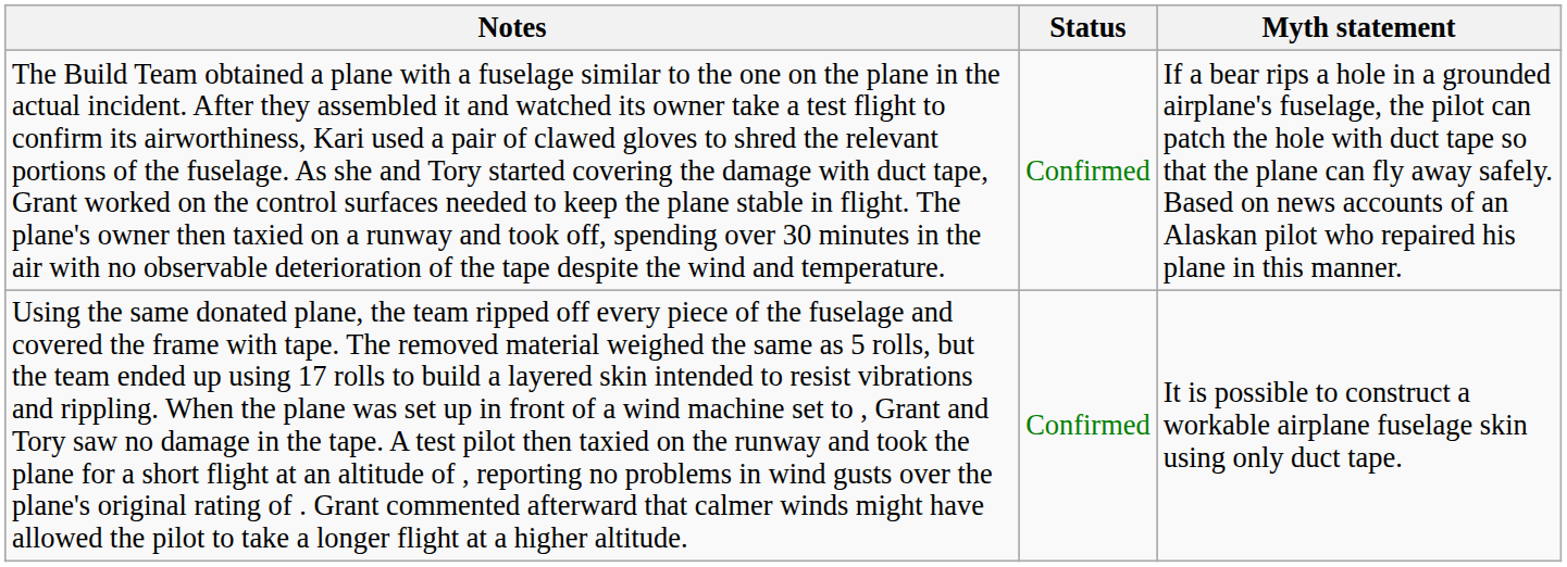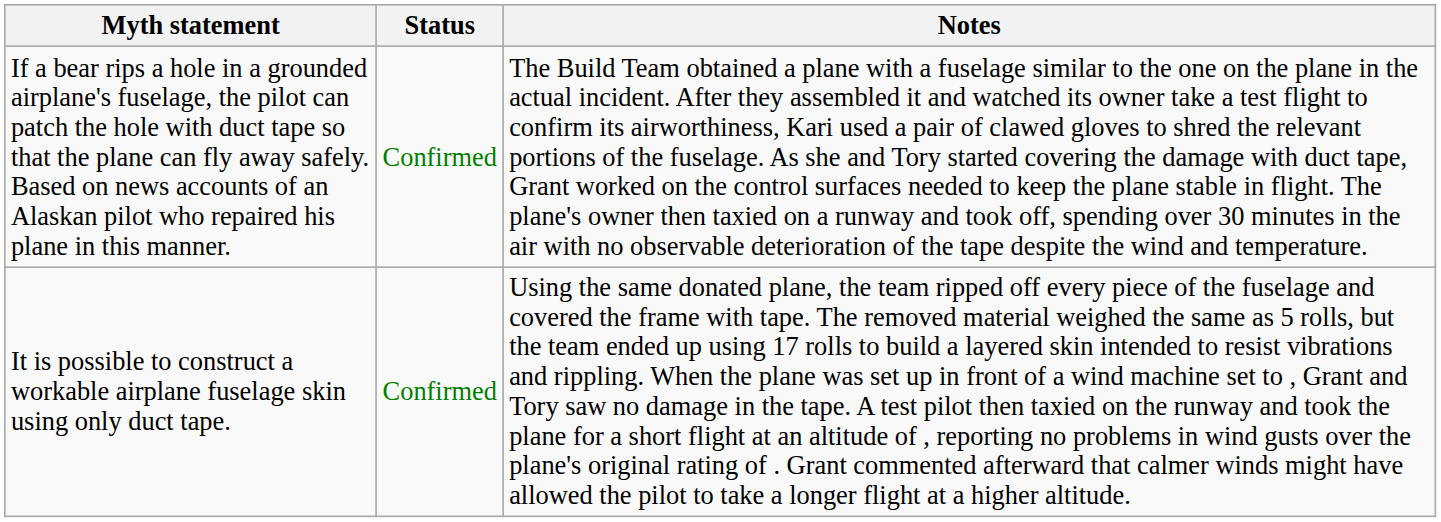 <table class="wikitable plainrowheaders">
 <tr>
+<th>Myth statement</th>
+<th>Status</th>
 <th>Notes</th>
-<th>Status</th>
-<th>Myth statement</th>
 </tr>
 <tr>
+<td>If a bear rips a hole in a grounded airplane's fuselage, the pilot can patch the hole with duct tape so that the plane can fly away safely. Based on news accounts of an Alaskan pilot who repaired his plane in this manner.</td>
+<td style="color:green">Confirmed</td>
 <td>The Build Team obtained a plane with a fuselage similar to the one on the plane in the actual incident. After they assembled it and watched its owner take a test flight to confirm its airworthiness, Kari used a pair of clawed gloves to shred the relevant portions of the fuselage. As she and Tory started covering the damage with duct tape, Grant worked on the control surfaces needed to keep the plane stable in flight. The plane's owner then taxied on a runway and took off, spending over 30 minutes in the air with no observable deterioration of the tape despite the wind and temperature.</td>
-<td style="color:green">Confirmed</td>
-<td>If a bear rips a hole in a grounded airplane's fuselage, the pilot can patch the hole with duct tape so that the plane can fly away safely. Based on news accounts of an Alaskan pilot who repaired his plane in this manner.</td>
 </tr>
 <tr>
+<td>It is possible to construct a workable airplane fuselage skin using only duct tape.</td>
+<td style="color:green">Confirmed</td>
 <td>Using the same donated plane, the team ripped off every piece of the fuselage and covered the frame with tape. The removed material weighed the same as 5 rolls, but the team ended up using 17 rolls to build a layered skin intended to resist vibrations and rippling. When the plane was set up in front of a wind machine set to , Grant and Tory saw no damage in the tape. A test pilot then taxied on the runway and took the plane for a short flight at an altitude of , reporting no problems in wind gusts over the plane's original rating of . Grant commented afterward that calmer winds might have allowed the pilot to take a longer flight at a higher altitude.</td>
-<td style="color:green">Confirmed</td>
-<td>It is possible to construct a workable airplane fuselage skin using only duct tape.</td>
 </tr>
 </table>
